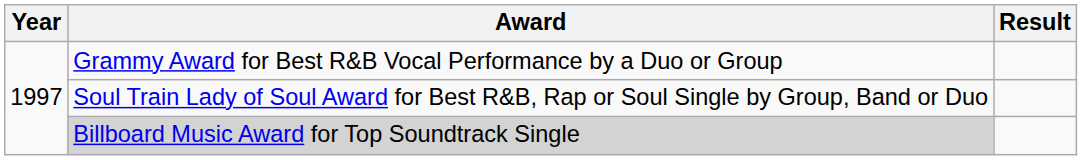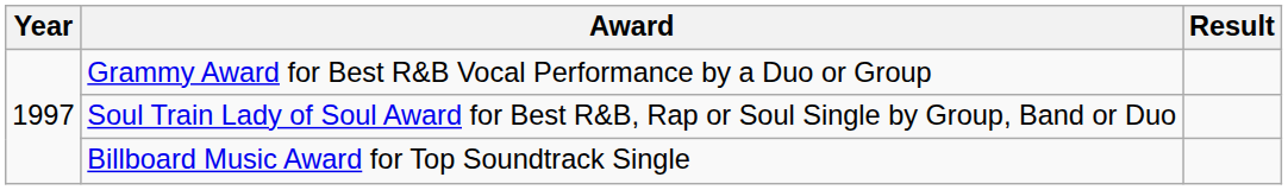 <table class="wikitable">
 <tr>
 <th>Year</th>
 <th>Award</th>
 <th>Result</th>
 </tr>
 <tr>
 <td rowspan="3">1997</td>
 <td><a href='#'>Grammy Award</a> for Best R&B Vocal Performance by a Duo or Group</td>
 <td></td>
 </tr>
 <tr>
 <td><a href='#'>Soul Train Lady of Soul Award</a> for Best R&B, Rap or Soul Single by Group, Band or Duo</td>
 <td></td>
 </tr>
 <tr>
-<td style="background: lightgrey;"><a href='#'>Billboard Music Award</a> for Top Soundtrack Single</td>
+<td><a href='#'>Billboard Music Award</a> for Top Soundtrack Single</td>
 <td></td>
 </tr>
 </table>
